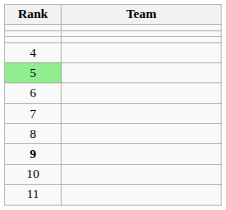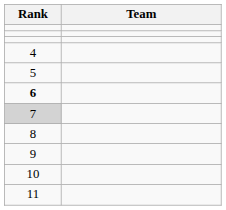 <table class="wikitable" style="text-align:center">
 <tr>
 <th style="width:4em">Rank</th>
 <th style="width:12em">Team</th>
 </tr>
 <tr>
 <td></td>
 <td align=left></td>
 </tr>
 <tr>
 <td></td>
 <td align=left></td>
 </tr>
 <tr>
 <td></td>
 <td align=left></td>
 </tr>
 <tr>
 <td>4</td>
 <td align=left></td>
 </tr>
 <tr>
-<td style="background: lightgreen;">5</td>
+<td>5</td>
 <td align=left></td>
 </tr>
 <tr>
-<td>6</td>
+<td><strong>6</strong></td>
 <td align=left></td>
 </tr>
 <tr>
-<td>7</td>
+<td style="background: lightgrey;">7</td>
 <td align=left></td>
 </tr>
 <tr>
 <td>8</td>
 <td align=left></td>
 </tr>
 <tr>
-<td><strong>9</strong></td>
+<td>9</td>
 <td align=left></td>
 </tr>
 <tr>
 <td>10</td>
 <td align=left></td>
 </tr>
 <tr>
 <td>11</td>
 <td align=left></td>
 </tr>
 </table>
